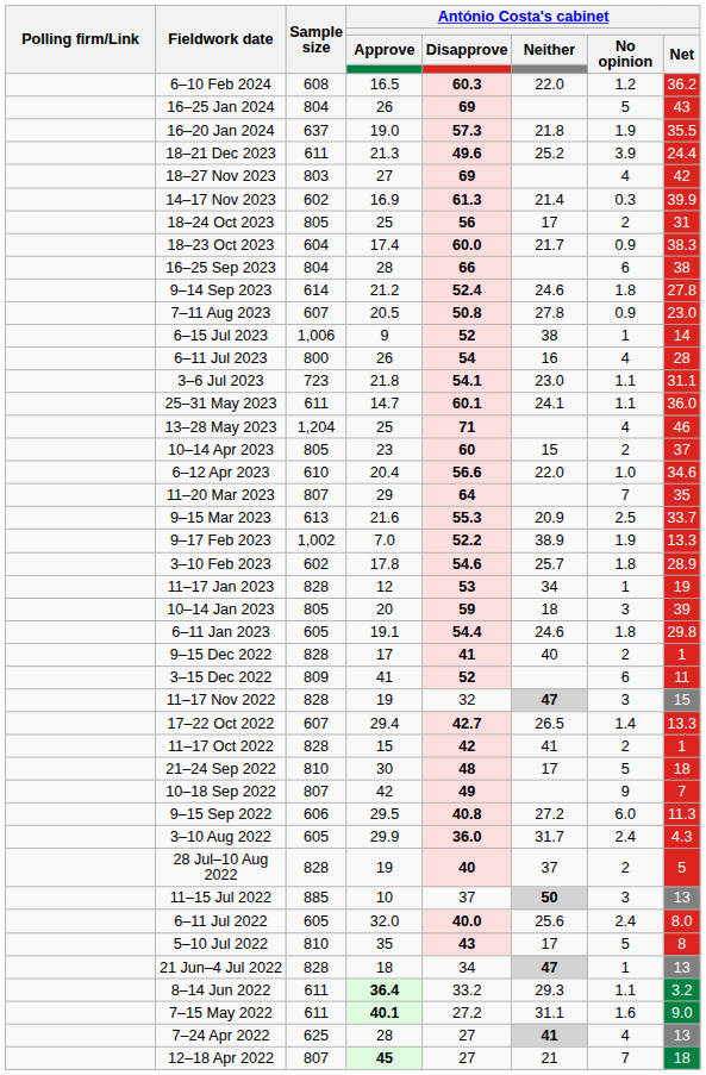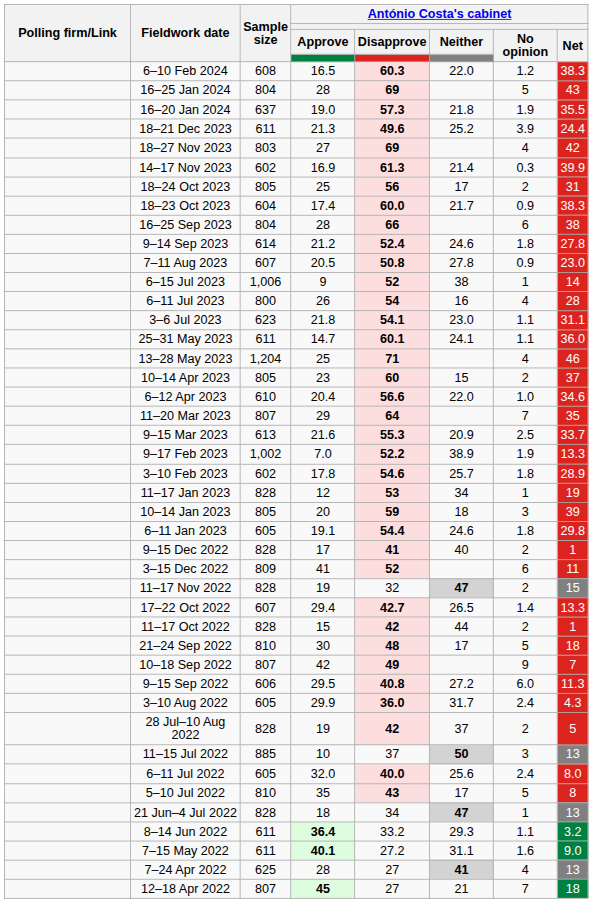 <table class="wikitable unsortable mw-datatable" style="text-align:center;font-size:95%;line-height:16px;">
 <tr>
 <th style="width:145px;" rowspan="4">Polling firm/Link</th>
 <th style="width:125px;" rowspan="4">Fieldwork date</th>
 <th class="unsortable" style="width:50px;" rowspan="4">Sample size</th>
 <th class="unsortable" colspan="5"><a href='#'>António Costa's cabinet</a></th>
 </tr>
 <tr>
 <th class="unsortable" colspan="5" style="background:"></th>
 </tr>
 <tr>
 <th class="unsortable" style="width:70px;">Approve</th>
 <th class="unsortable" style="width:70px;">Disapprove</th>
 <th class="unsortable" style="width:70px;">Neither</th>
 <th rowspan="2" class="unsortable" style="width:70px;">No opinion</th>
 <th rowspan="2" class="unsortable" style="width:30px;">Net</th>
 </tr>
 <tr>
 <th style="color:inherit;background:#008142;"></th>
 <th style="color:inherit;background:#DC241F;"></th>
 <th style="color:inherit;background:gray;"></th>
 </tr>
 <tr>
 <td></td>
 <td data-sort-value="2019-10-03">6–10 Feb 2024</td>
 <td>608</td>
 <td>16.5</td>
 <td style="background:#FDDEDE;"><strong>60.3</strong></td>
 <td>22.0</td>
 <td>1.2</td>
-<td style="background:#DC241F;color:white;">36.2</td>
+<td style="background:#DC241F;color:white;">38.3</td>
 </tr>
 <tr>
 <td></td>
 <td>16–25 Jan 2024</td>
 <td>804</td>
-<td>26</td>
+<td>28</td>
 <td style="background:#FDDEDE;"><strong>69</strong></td>
 <td></td>
 <td>5</td>
 <td style="background:#DC241F;color:white;">43</td>
 </tr>
 <tr>
 <td></td>
 <td data-sort-value="2019-10-03">16–20 Jan 2024</td>
 <td>637</td>
 <td>19.0</td>
 <td style="background:#FDDEDE;"><strong>57.3</strong></td>
 <td>21.8</td>
 <td>1.9</td>
 <td style="background:#DC241F;color:white;">35.5</td>
 </tr>
 <tr>
 <td></td>
 <td data-sort-value="2019-10-03">18–21 Dec 2023</td>
 <td>611</td>
 <td>21.3</td>
 <td style="background:#FDDEDE;"><strong>49.6</strong></td>
 <td>25.2</td>
 <td>3.9</td>
 <td style="background:#DC241F;color:white;">24.4</td>
 </tr>
 <tr>
 <td></td>
 <td>18–27 Nov 2023</td>
 <td>803</td>
 <td>27</td>
 <td style="background:#FDDEDE;"><strong>69</strong></td>
 <td></td>
 <td>4</td>
 <td style="background:#DC241F;color:white;">42</td>
 </tr>
 <tr>
 <td></td>
 <td data-sort-value="2019-10-03">14–17 Nov 2023</td>
 <td>602</td>
 <td>16.9</td>
 <td style="background:#FDDEDE;"><strong>61.3</strong></td>
 <td>21.4</td>
 <td>0.3</td>
 <td style="background:#DC241F;color:white;">39.9</td>
 </tr>
 <tr>
 <td></td>
 <td data-sort-value="2019-10-03">18–24 Oct 2023</td>
 <td>805</td>
 <td>25</td>
 <td style="background:#FDDEDE;"><strong>56</strong></td>
 <td>17</td>
 <td>2</td>
 <td style="background:#DC241F;color:white;">31</td>
 </tr>
 <tr>
 <td></td>
 <td data-sort-value="2019-10-03">18–23 Oct 2023</td>
 <td>604</td>
 <td>17.4</td>
 <td style="background:#FDDEDE;"><strong>60.0</strong></td>
 <td>21.7</td>
 <td>0.9</td>
 <td style="background:#DC241F;color:white;">38.3</td>
 </tr>
 <tr>
 <td></td>
 <td>16–25 Sep 2023</td>
 <td>804</td>
 <td>28</td>
 <td style="background:#FDDEDE;"><strong>66</strong></td>
 <td></td>
 <td>6</td>
 <td style="background:#DC241F;color:white;">38</td>
 </tr>
 <tr>
 <td></td>
 <td data-sort-value="2019-10-03">9–14 Sep 2023</td>
 <td>614</td>
 <td>21.2</td>
 <td style="background:#FDDEDE;"><strong>52.4</strong></td>
 <td>24.6</td>
 <td>1.8</td>
 <td style="background:#DC241F;color:white;">27.8</td>
 </tr>
 <tr>
 <td></td>
 <td data-sort-value="2019-10-03">7–11 Aug 2023</td>
 <td>607</td>
 <td>20.5</td>
 <td style="background:#FDDEDE;"><strong>50.8</strong></td>
 <td>27.8</td>
 <td>0.9</td>
 <td style="background:#DC241F;color:white;">23.0</td>
 </tr>
 <tr>
 <td></td>
 <td data-sort-value="2019-10-03">6–15 Jul 2023</td>
 <td>1,006</td>
 <td>9</td>
 <td style="background:#FDDEDE;"><strong>52</strong></td>
 <td>38</td>
 <td>1</td>
 <td style="background:#DC241F;color:white;">14</td>
 </tr>
 <tr>
 <td></td>
 <td data-sort-value="2019-10-03">6–11 Jul 2023</td>
 <td>800</td>
 <td>26</td>
 <td style="background:#FDDEDE;"><strong>54</strong></td>
 <td>16</td>
 <td>4</td>
 <td style="background:#DC241F;color:white;">28</td>
 </tr>
 <tr>
 <td></td>
 <td data-sort-value="2019-10-03">3–6 Jul 2023</td>
-<td>723</td>
+<td>623</td>
 <td>21.8</td>
 <td style="background:#FDDEDE;"><strong>54.1</strong></td>
 <td>23.0</td>
 <td>1.1</td>
 <td style="background:#DC241F;color:white;">31.1</td>
 </tr>
 <tr>
 <td></td>
 <td data-sort-value="2019-10-03">25–31 May 2023</td>
 <td>611</td>
 <td>14.7</td>
 <td style="background:#FDDEDE;"><strong>60.1</strong></td>
 <td>24.1</td>
 <td>1.1</td>
 <td style="background:#DC241F;color:white;">36.0</td>
 </tr>
 <tr>
 <td></td>
 <td>13–28 May 2023</td>
 <td>1,204</td>
 <td>25</td>
 <td style="background:#FDDEDE;"><strong>71</strong></td>
 <td></td>
 <td>4</td>
 <td style="background:#DC241F;color:white;">46</td>
 </tr>
 <tr>
 <td></td>
 <td data-sort-value="2019-10-03">10–14 Apr 2023</td>
 <td>805</td>
 <td>23</td>
 <td style="background:#FDDEDE;"><strong>60</strong></td>
 <td>15</td>
 <td>2</td>
 <td style="background:#DC241F;color:white;">37</td>
 </tr>
 <tr>
 <td></td>
 <td data-sort-value="2019-10-03">6–12 Apr 2023</td>
 <td>610</td>
 <td>20.4</td>
 <td style="background:#FDDEDE;"><strong>56.6</strong></td>
 <td>22.0</td>
 <td>1.0</td>
 <td style="background:#DC241F;color:white;">34.6</td>
 </tr>
 <tr>
 <td></td>
 <td data-sort-value="2019-10-03">11–20 Mar 2023</td>
 <td>807</td>
 <td>29</td>
 <td style="background:#FDDEDE;"><strong>64</strong></td>
 <td></td>
 <td>7</td>
 <td style="background:#DC241F;color:white;">35</td>
 </tr>
 <tr>
 <td></td>
 <td data-sort-value="2019-10-03">9–15 Mar 2023</td>
 <td>613</td>
 <td>21.6</td>
 <td style="background:#FDDEDE;"><strong>55.3</strong></td>
 <td>20.9</td>
 <td>2.5</td>
 <td style="background:#DC241F;color:white;">33.7</td>
 </tr>
 <tr>
 <td></td>
 <td data-sort-value="2019-10-03">9–17 Feb 2023</td>
 <td>1,002</td>
 <td>7.0</td>
 <td style="background:#FDDEDE;"><strong>52.2</strong></td>
 <td>38.9</td>
 <td>1.9</td>
 <td style="background:#DC241F;color:white;">13.3</td>
 </tr>
 <tr>
 <td></td>
 <td data-sort-value="2019-10-03">3–10 Feb 2023</td>
 <td>602</td>
 <td>17.8</td>
 <td style="background:#FDDEDE;"><strong>54.6</strong></td>
 <td>25.7</td>
 <td>1.8</td>
 <td style="background:#DC241F;color:white;">28.9</td>
 </tr>
 <tr>
 <td></td>
 <td>11–17 Jan 2023</td>
 <td>828</td>
 <td>12</td>
 <td style="background:#FDDEDE;"><strong>53</strong></td>
 <td>34</td>
 <td>1</td>
 <td style="background:#DC241F;color:white;">19</td>
 </tr>
 <tr>
 <td></td>
 <td data-sort-value="2019-10-03">10–14 Jan 2023</td>
 <td>805</td>
 <td>20</td>
 <td style="background:#FDDEDE;"><strong>59</strong></td>
 <td>18</td>
 <td>3</td>
 <td style="background:#DC241F;color:white;">39</td>
 </tr>
 <tr>
 <td></td>
 <td data-sort-value="2019-10-03">6–11 Jan 2023</td>
 <td>605</td>
 <td>19.1</td>
 <td style="background:#FDDEDE;"><strong>54.4</strong></td>
 <td>24.6</td>
 <td>1.8</td>
 <td style="background:#DC241F;color:white;">29.8</td>
 </tr>
 <tr>
 <td></td>
 <td>9–15 Dec 2022</td>
 <td>828</td>
 <td>17</td>
 <td style="background:#FDDEDE;"><strong>41</strong></td>
 <td>40</td>
 <td>2</td>
 <td style="background:#DC241F;color:white;">1</td>
 </tr>
 <tr>
 <td></td>
 <td data-sort-value="2019-10-03">3–15 Dec 2022</td>
 <td>809</td>
 <td>41</td>
 <td style="background:#FDDEDE;"><strong>52</strong></td>
 <td></td>
 <td>6</td>
 <td style="background:#DC241F;color:white;">11</td>
 </tr>
 <tr>
 <td></td>
 <td>11–17 Nov 2022</td>
 <td>828</td>
 <td>19</td>
 <td>32</td>
 <td style="background:#d3d3d3;"><strong>47</strong></td>
-<td>3</td>
+<td>2</td>
 <td style="background:gray;color:white;">15</td>
 </tr>
 <tr>
 <td></td>
 <td data-sort-value="2019-10-03">17–22 Oct 2022</td>
 <td>607</td>
 <td>29.4</td>
 <td style="background:#FDDEDE;"><strong>42.7</strong></td>
 <td>26.5</td>
 <td>1.4</td>
 <td style="background:#DC241F;color:white;">13.3</td>
 </tr>
 <tr>
 <td></td>
 <td>11–17 Oct 2022</td>
 <td>828</td>
 <td>15</td>
 <td style="background:#FDDEDE;"><strong>42</strong></td>
-<td>41</td>
+<td>44</td>
 <td>2</td>
 <td style="background:#DC241F;color:white;">1</td>
 </tr>
 <tr>
 <td></td>
 <td data-sort-value="2019-10-03">21–24 Sep 2022</td>
 <td>810</td>
 <td>30</td>
 <td style="background:#FDDEDE;"><strong>48</strong></td>
 <td>17</td>
 <td>5</td>
 <td style="background:#DC241F;color:white;">18</td>
 </tr>
 <tr>
 <td></td>
 <td data-sort-value="2019-10-03">10–18 Sep 2022</td>
 <td>807</td>
 <td>42</td>
 <td style="background:#FDDEDE;"><strong>49</strong></td>
 <td></td>
 <td>9</td>
 <td style="background:#DC241F;color:white;">7</td>
 </tr>
 <tr>
 <td></td>
 <td data-sort-value="2019-10-03">9–15 Sep 2022</td>
 <td>606</td>
 <td>29.5</td>
 <td style="background:#FDDEDE;"><strong>40.8</strong></td>
 <td>27.2</td>
 <td>6.0</td>
 <td style="background:#DC241F;color:white;">11.3</td>
 </tr>
 <tr>
 <td></td>
 <td data-sort-value="2019-10-03">3–10 Aug 2022</td>
 <td>605</td>
 <td>29.9</td>
 <td style="background:#FDDEDE;"><strong>36.0</strong></td>
 <td>31.7</td>
 <td>2.4</td>
 <td style="background:#DC241F;color:white;">4.3</td>
 </tr>
 <tr>
 <td></td>
 <td>28 Jul–10 Aug 2022</td>
 <td>828</td>
 <td>19</td>
-<td style="background:#FDDEDE;"><strong>40</strong></td>
+<td style="background:#FDDEDE;"><strong>42</strong></td>
 <td>37</td>
 <td>2</td>
 <td style="background:#DC241F;color:white;">5</td>
 </tr>
 <tr>
 <td></td>
 <td data-sort-value="2019-10-03">11–15 Jul 2022</td>
 <td>885</td>
 <td>10</td>
 <td>37</td>
 <td style="background:#d3d3d3;"><strong>50</strong></td>
 <td>3</td>
 <td style="background:gray;color:white;">13</td>
 </tr>
 <tr>
 <td></td>
 <td data-sort-value="2019-10-03">6–11 Jul 2022</td>
 <td>605</td>
 <td>32.0</td>
 <td style="background:#FDDEDE;"><strong>40.0</strong></td>
 <td>25.6</td>
 <td>2.4</td>
 <td style="background:#DC241F;color:white;">8.0</td>
 </tr>
 <tr>
 <td></td>
 <td data-sort-value="2019-10-03">5–10 Jul 2022</td>
 <td>810</td>
 <td>35</td>
 <td style="background:#FDDEDE;"><strong>43</strong></td>
 <td>17</td>
 <td>5</td>
 <td style="background:#DC241F;color:white;">8</td>
 </tr>
 <tr>
 <td></td>
 <td>21 Jun–4 Jul 2022</td>
 <td>828</td>
 <td>18</td>
 <td>34</td>
 <td style="background:#d3d3d3;"><strong>47</strong></td>
 <td>1</td>
 <td style="background:gray;color:white;">13</td>
 </tr>
 <tr>
 <td></td>
 <td data-sort-value="2019-10-03">8–14 Jun 2022</td>
 <td>611</td>
 <td style="background:#DEFDDE;"><strong>36.4</strong></td>
 <td>33.2</td>
 <td>29.3</td>
 <td>1.1</td>
 <td style="background:#008142;color:white;">3.2</td>
 </tr>
 <tr>
 <td></td>
 <td data-sort-value="2019-10-03">7–15 May 2022</td>
 <td>611</td>
 <td style="background:#DEFDDE;"><strong>40.1</strong></td>
 <td>27.2</td>
 <td>31.1</td>
 <td>1.6</td>
 <td style="background:#008142;color:white;">9.0</td>
 </tr>
 <tr>
 <td></td>
 <td>7–24 Apr 2022</td>
 <td>625</td>
 <td>28</td>
 <td>27</td>
 <td style="background:#d3d3d3;"><strong>41</strong></td>
 <td>4</td>
 <td style="background:gray;color:white;">13</td>
 </tr>
 <tr>
 <td></td>
 <td data-sort-value="2019-10-03">12–18 Apr 2022</td>
 <td>807</td>
 <td style="background:#DEFDDE;"><strong>45</strong></td>
 <td>27</td>
 <td>21</td>
 <td>7</td>
 <td style="background:#008142;color:white;">18</td>
 </tr>
 </table>
